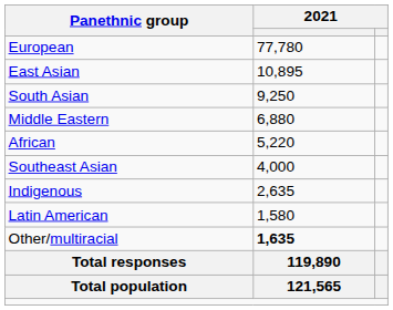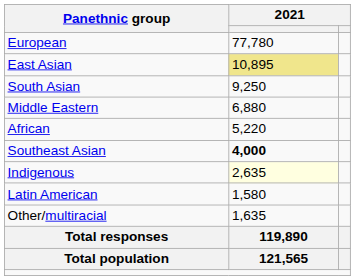 <table class="wikitable collapsible sortable">
 <tr>
 <th rowspan="2"><a href='#'>Panethnic</a> group</th>
 <th colspan="2">2021</th>
 </tr>
 <tr>
 <th><a href='#'></a></th>
 <th></th>
 </tr>
 <tr>
 <td><a href='#'>European</a></td>
 <td>77,780</td>
 <td></td>
 </tr>
 <tr>
 <td><a href='#'>East Asian</a></td>
-<td>10,895</td>
+<td style="background: khaki;">10,895</td>
 <td></td>
 </tr>
 <tr>
 <td><a href='#'>South Asian</a></td>
 <td>9,250</td>
 <td></td>
 </tr>
 <tr>
 <td><a href='#'>Middle Eastern</a></td>
 <td>6,880</td>
 <td></td>
 </tr>
 <tr>
 <td><a href='#'>African</a></td>
 <td>5,220</td>
 <td></td>
 </tr>
 <tr>
 <td><a href='#'>Southeast Asian</a></td>
-<td>4,000</td>
+<td><strong>4,000</strong></td>
 <td></td>
 </tr>
 <tr>
 <td><a href='#'>Indigenous</a></td>
-<td>2,635</td>
+<td style="background: lightyellow;">2,635</td>
 <td></td>
 </tr>
 <tr>
 <td><a href='#'>Latin American</a></td>
 <td>1,580</td>
 <td></td>
 </tr>
 <tr>
 <td>Other/<a href='#'>multiracial</a></td>
-<td><strong>1,635</strong></td>
+<td>1,635</td>
 <td></td>
 </tr>
 <tr>
 <th>Total responses</th>
 <th>119,890</th>
 <th></th>
 </tr>
 <tr class="sortbottom">
 <th>Total population</th>
 <th>121,565</th>
 <th></th>
 </tr>
 <tr class="sortbottom">
 <td colspan="15" style="width: 25em;"></td>
 </tr>
 </table>
